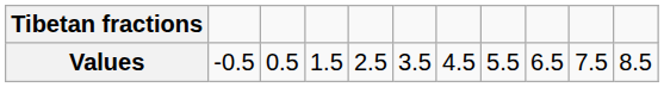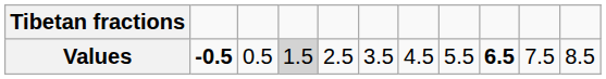 <table class="wikitable">
 <tr style="text-align:center;">
 <th>Tibetan fractions</th>
 <td></td>
 <td></td>
 <td></td>
 <td></td>
 <td></td>
 <td></td>
 <td></td>
 <td></td>
 <td></td>
 <td></td>
 </tr>
 <tr style="text-align:center;">
 <th>Values</th>
-<td>-0.5</td>
+<td><strong>-0.5</strong></td>
 <td>0.5</td>
-<td>1.5</td>
+<td style="background: lightgrey;">1.5</td>
 <td>2.5</td>
 <td>3.5</td>
 <td>4.5</td>
 <td>5.5</td>
-<td>6.5</td>
+<td><strong>6.5</strong></td>
 <td>7.5</td>
 <td>8.5</td>
 </tr>
 </table>
